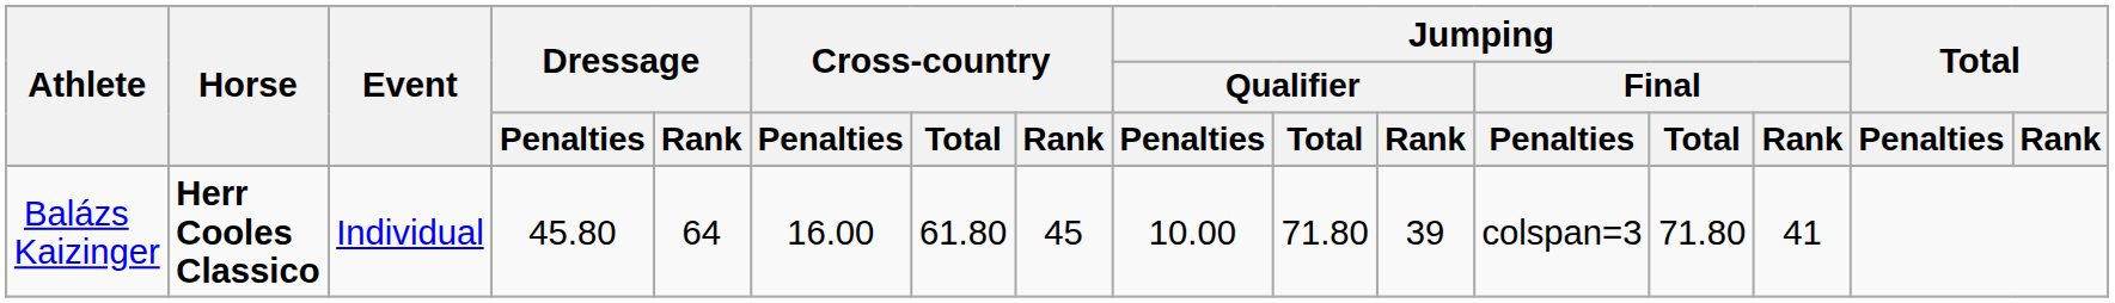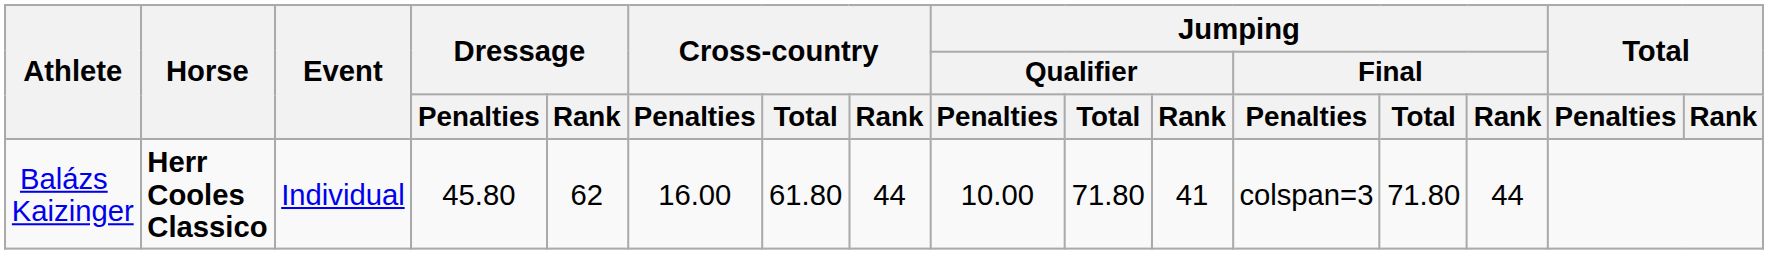 <table class=wikitable style=font-size:90%;text-align:center>
 <tr>
 <th rowspan="3">Athlete</th>
 <th rowspan="3">Horse</th>
 <th rowspan="3">Event</th>
 <th colspan="2" rowspan="2">Dressage</th>
 <th colspan="3" rowspan="2">Cross-country</th>
 <th colspan="6">Jumping</th>
 <th colspan="2" rowspan="2">Total</th>
 </tr>
 <tr style="font-size:95%">
 <th colspan="3">Qualifier</th>
 <th colspan="3">Final</th>
 </tr>
 <tr style="font-size:95%">
 <th>Penalties</th>
 <th>Rank</th>
 <th>Penalties</th>
 <th>Total</th>
 <th>Rank</th>
 <th>Penalties</th>
 <th>Total</th>
 <th>Rank</th>
 <th>Penalties</th>
 <th>Total</th>
 <th>Rank</th>
 <th>Penalties</th>
 <th>Rank</th>
 </tr>
 <tr align=center>
 <td align=left> <a href='#'>Balázs Kaizinger</a></td>
 <td align=left><strong>Herr Cooles Classico</strong></td>
 <td align=left><a href='#'>Individual</a></td>
 <td>45.80</td>
-<td>64</td>
+<td>62</td>
 <td>16.00</td>
 <td>61.80</td>
-<td>45</td>
+<td>44</td>
 <td>10.00</td>
 <td>71.80</td>
-<td>39</td>
+<td>41</td>
 <td>colspan=3 </td>
 <td>71.80</td>
-<td>41</td>
+<td>44</td>
 </tr>
 </table>
